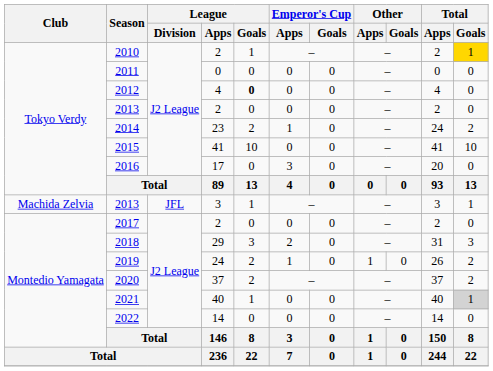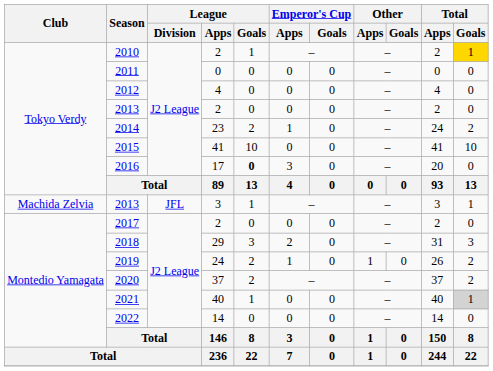 <table class="wikitable" style="text-align:center;">
 <tr>
 <th rowspan="2">Club</th>
 <th rowspan="2">Season</th>
 <th colspan="3">League</th>
 <th colspan="2"><a href='#'>Emperor's Cup</a></th>
 <th colspan="2">Other</th>
 <th colspan="2">Total</th>
 </tr>
 <tr>
 <th>Division</th>
 <th>Apps</th>
 <th>Goals</th>
 <th>Apps</th>
 <th>Goals</th>
 <th>Apps</th>
 <th>Goals</th>
 <th>Apps</th>
 <th>Goals</th>
 </tr>
 <tr>
 <td rowspan="8"><a href='#'>Tokyo Verdy</a></td>
 <td><a href='#'>2010</a></td>
 <td rowspan="7"><a href='#'>J2 League</a></td>
 <td>2</td>
 <td>1</td>
 <td colspan="2">–</td>
 <td colspan="2">–</td>
 <td>2</td>
 <td style="background: gold;">1</td>
 </tr>
 <tr>
 <td><a href='#'>2011</a></td>
 <td>0</td>
 <td>0</td>
 <td>0</td>
 <td>0</td>
 <td colspan="2">–</td>
 <td>0</td>
 <td>0</td>
 </tr>
 <tr>
 <td><a href='#'>2012</a></td>
 <td>4</td>
-<td><strong>0</strong></td>
+<td>0</td>
 <td>0</td>
 <td>0</td>
 <td colspan="2">–</td>
 <td>4</td>
 <td>0</td>
 </tr>
 <tr>
 <td><a href='#'>2013</a></td>
 <td>2</td>
 <td>0</td>
 <td>0</td>
 <td>0</td>
 <td colspan="2">–</td>
 <td>2</td>
 <td>0</td>
 </tr>
 <tr>
 <td><a href='#'>2014</a></td>
 <td>23</td>
 <td>2</td>
 <td>1</td>
 <td>0</td>
 <td colspan="2">–</td>
 <td>24</td>
 <td>2</td>
 </tr>
 <tr>
 <td><a href='#'>2015</a></td>
 <td>41</td>
 <td>10</td>
 <td>0</td>
 <td>0</td>
 <td colspan="2">–</td>
 <td>41</td>
 <td>10</td>
 </tr>
 <tr>
 <td><a href='#'>2016</a></td>
 <td>17</td>
-<td>0</td>
+<td><strong>0</strong></td>
 <td>3</td>
 <td>0</td>
 <td colspan="2">–</td>
 <td>20</td>
 <td>0</td>
 </tr>
 <tr>
 <th colspan="2">Total</th>
 <th>89</th>
 <th>13</th>
 <th>4</th>
 <th>0</th>
 <th>0</th>
 <th>0</th>
 <th>93</th>
 <th>13</th>
 </tr>
 <tr>
 <td><a href='#'>Machida Zelvia</a></td>
 <td><a href='#'>2013</a></td>
 <td><a href='#'>JFL</a></td>
 <td>3</td>
 <td>1</td>
 <td colspan="2">–</td>
 <td colspan="2">–</td>
 <td>3</td>
 <td>1</td>
 </tr>
 <tr>
 <td rowspan="7"><a href='#'>Montedio Yamagata</a></td>
 <td><a href='#'>2017</a></td>
 <td rowspan="6"><a href='#'>J2 League</a></td>
 <td>2</td>
 <td>0</td>
 <td>0</td>
 <td>0</td>
 <td colspan="2">–</td>
 <td>2</td>
 <td>0</td>
 </tr>
 <tr>
 <td><a href='#'>2018</a></td>
 <td>29</td>
 <td>3</td>
 <td>2</td>
 <td>0</td>
 <td colspan="2">–</td>
 <td>31</td>
 <td>3</td>
 </tr>
 <tr>
 <td><a href='#'>2019</a></td>
 <td>24</td>
 <td>2</td>
 <td>1</td>
 <td>0</td>
 <td>1</td>
 <td>0</td>
 <td>26</td>
 <td>2</td>
 </tr>
 <tr>
 <td><a href='#'>2020</a></td>
 <td>37</td>
 <td>2</td>
 <td colspan="2">–</td>
 <td colspan="2">–</td>
 <td>37</td>
 <td>2</td>
 </tr>
 <tr>
 <td><a href='#'>2021</a></td>
 <td>40</td>
 <td>1</td>
 <td>0</td>
 <td>0</td>
 <td colspan="2">–</td>
 <td>40</td>
 <td style="background: lightgrey;">1</td>
 </tr>
 <tr>
 <td><a href='#'>2022</a></td>
 <td>14</td>
 <td>0</td>
 <td>0</td>
 <td>0</td>
 <td colspan="2">–</td>
 <td>14</td>
 <td>0</td>
 </tr>
 <tr>
 <th colspan="2">Total</th>
 <th>146</th>
 <th>8</th>
 <th>3</th>
 <th>0</th>
 <th>1</th>
 <th>0</th>
 <th>150</th>
 <th>8</th>
 </tr>
 <tr>
 <th colspan="3">Total</th>
 <th>236</th>
 <th>22</th>
 <th>7</th>
 <th>0</th>
 <th>1</th>
 <th>0</th>
 <th>244</th>
 <th>22</th>
 </tr>
 <tr>
 </tr>
 </table>
